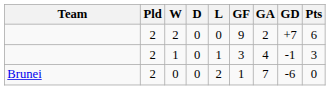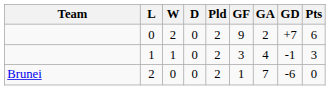 <table class="wikitable" style="text-align: center;">
 <tr>
 <th width="165">Team</th>
-<th width="20">Pld</th>
+<th width="20">L</th>
 <th width="20">W</th>
 <th width="20">D</th>
-<th width="20">L</th>
+<th width="20">Pld</th>
 <th width="20">GF</th>
 <th width="20">GA</th>
 <th width="20">GD</th>
 <th width="20">Pts</th>
 </tr>
 <tr>
 <td style="text-align:left;"></td>
-<td>2</td>
+<td>0</td>
 <td>2</td>
 <td>0</td>
-<td>0</td>
+<td>2</td>
 <td>9</td>
 <td>2</td>
 <td>+7</td>
 <td>6</td>
 </tr>
 <tr>
 <td style="text-align:left;"></td>
-<td>2</td>
+<td>1</td>
 <td>1</td>
 <td>0</td>
-<td>1</td>
+<td>2</td>
 <td>3</td>
 <td>4</td>
 <td>-1</td>
 <td>3</td>
 </tr>
 <tr bgcolor=>
 <td style="text-align:left;"> <a href='#'>Brunei</a></td>
 <td>2</td>
 <td>0</td>
 <td>0</td>
 <td>2</td>
 <td>1</td>
 <td>7</td>
 <td>-6</td>
 <td>0</td>
 </tr>
 </table>
